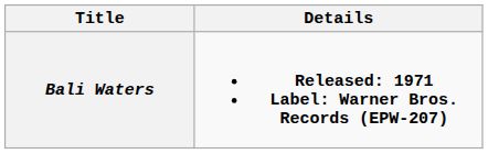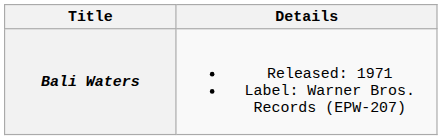 <table class="wikitable plainrowheaders" style="text-align:center;" border="1">
 <tr>
 <th scope="col" style="width:11em;">Title</th>
 <th scope="col" style="width:17em;">Details</th>
 </tr>
 <tr>
 <th scope="row"><em>Bali Waters</em></th>
-<td><strong><br><ul><li>Released: 1971</li><li>Label: Warner Bros. Records (EPW-207)</li></ul></strong></td>
+<td><br><ul><li>Released: 1971</li><li>Label: Warner Bros. Records (EPW-207)</li></ul></td>
 </tr>
 </table>
